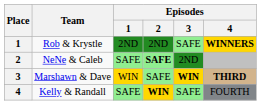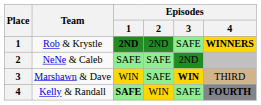 <table class="wikitable" style="text-align: center;">
 <tr>
 <th scope="col" rowspan="2">Place</th>
 <th scope="col" rowspan="2">Team</th>
 <th scope="col" colspan="4">Episodes</th>
 </tr>
 <tr>
 <th scope="col" style="width:40px">1</th>
 <th scope="col" style="width:40px">2</th>
 <th scope="col" style="width:40px">3</th>
 <th scope="col" style="width:40px">4</th>
 </tr>
 <tr>
 <th scope="row">1</th>
 <td><a href='#'>Rob</a> & Krystle</td>
-<td style="background:forestgreen;">2ND</td>
+<td style="background:forestgreen;"><strong>2ND</strong></td>
 <td style="background:forestgreen;">2ND</td>
 <td style="background:lightgreen;">SAFE</td>
 <td style="background:gold;"><strong>WINNERS</strong></td>
 </tr>
 <tr>
 <th scope="row">2</th>
 <td><a href='#'>NeNe</a> & Caleb</td>
 <td style="background:lightgreen;">SAFE</td>
-<td style="background:lightgreen;"><strong>SAFE</strong></td>
+<td style="background:lightgreen;">SAFE</td>
 <td style="background:forestgreen;">2ND</td>
 <td style="background:silver;"></td>
 </tr>
 <tr>
 <th scope="row">3</th>
 <td><a href='#'>Marshawn</a> & Dave</td>
 <td style="background:gold;">WIN</td>
 <td style="background:lightgreen;">SAFE</td>
 <td style="background:gold;"><strong>WIN</strong></td>
-<td style="background:tan;"><strong>THIRD</strong></td>
+<td style="background:tan;">THIRD</td>
 </tr>
 <tr>
 <th scope="row">4</th>
 <td><a href='#'>Kelly</a> & Randall</td>
+<td style="background:lightgreen;"><strong>SAFE</strong></td>
+<td style="background:gold;">WIN</td>
 <td style="background:lightgreen;">SAFE</td>
-<td style="background:gold;"><strong>WIN</strong></td>
-<td style="background:lightgreen;">SAFE</td>
-<td style="background:#818589;">FOURTH</td>
+<td style="background:#818589;"><strong>FOURTH</strong></td>
 </tr>
 </table>
